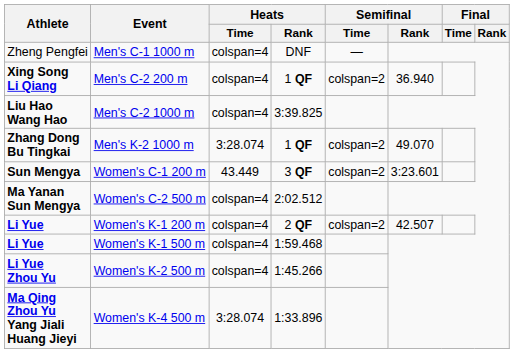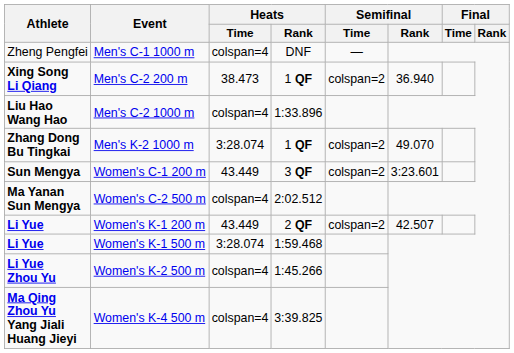 <table class=wikitable style=font-size:90%;text-align:center>
 <tr>
 <th rowspan=2>Athlete</th>
 <th rowspan=2>Event</th>
 <th colspan=2>Heats</th>
 <th colspan=2>Semifinal</th>
 <th colspan=2>Final</th>
 </tr>
 <tr style="font-size:95%">
 <th>Time</th>
 <th>Rank</th>
 <th>Time</th>
 <th>Rank</th>
 <th>Time</th>
 <th>Rank</th>
 </tr>
 <tr>
 <td align=left>Zheng Pengfei</td>
 <td align=left><a href='#'>Men's C-1 1000 m</a></td>
 <td>colspan=4 </td>
 <td>DNF</td>
 <td>—</td>
 </tr>
 <tr>
 <td align=left><strong>Xing Song<br><a href='#'>Li Qiang</a></strong></td>
 <td align=left><a href='#'>Men's C-2 200 m</a></td>
-<td>colspan=4 </td>
+<td>38.473</td>
 <td>1 <strong>QF</strong></td>
 <td>colspan=2 </td>
 <td>36.940</td>
 <td></td>
 </tr>
 <tr>
 <td align=left><strong>Liu Hao<br>Wang Hao</strong></td>
 <td align=left><a href='#'>Men's C-2 1000 m</a></td>
 <td>colspan=4 </td>
-<td>3:39.825</td>
+<td>1:33.896</td>
 <td></td>
 </tr>
 <tr>
 <td align=left><strong>Zhang Dong<br>Bu Tingkai</strong></td>
 <td align=left><a href='#'>Men's K-2 1000 m</a></td>
 <td>3:28.074</td>
 <td>1 <strong>QF</strong></td>
 <td>colspan=2 </td>
 <td>49.070</td>
 <td></td>
 </tr>
 <tr>
 <td align=left><strong>Sun Mengya</strong></td>
 <td align=left><a href='#'>Women's C-1 200 m</a></td>
 <td>43.449</td>
 <td>3 <strong>QF</strong></td>
 <td>colspan=2 </td>
 <td>3:23.601</td>
 <td></td>
 </tr>
 <tr>
 <td align=left><strong>Ma Yanan<br>Sun Mengya</strong></td>
 <td align=left><a href='#'>Women's C-2 500 m</a></td>
 <td>colspan=4 </td>
 <td>2:02.512</td>
 <td></td>
 </tr>
 <tr>
 <td align=left><strong><a href='#'>Li Yue</a></strong></td>
 <td align=left><a href='#'>Women's K-1 200 m</a></td>
-<td>colspan=4 </td>
+<td>43.449</td>
 <td>2 <strong>QF</strong></td>
 <td>colspan=2 </td>
 <td>42.507</td>
 <td></td>
 </tr>
 <tr>
 <td align=left><strong><a href='#'>Li Yue</a></strong></td>
 <td align=left><a href='#'>Women's K-1 500 m</a></td>
-<td>colspan=4 </td>
+<td>3:28.074</td>
 <td>1:59.468</td>
 <td></td>
 </tr>
 <tr>
 <td align=left><strong><a href='#'>Li Yue</a><br><a href='#'>Zhou Yu</a></strong></td>
 <td align=left><a href='#'>Women's K-2 500 m</a></td>
 <td>colspan=4 </td>
 <td>1:45.266</td>
 <td></td>
 </tr>
 <tr>
 <td align=left><strong><a href='#'>Ma Qing</a><br><a href='#'>Zhou Yu</a><br>Yang Jiali<br>Huang Jieyi</strong></td>
 <td align=left><a href='#'>Women's K-4 500 m</a></td>
-<td>3:28.074</td>
-<td>1:33.896</td>
+<td>colspan=4 </td>
+<td>3:39.825</td>
 <td></td>
 </tr>
 </table>
